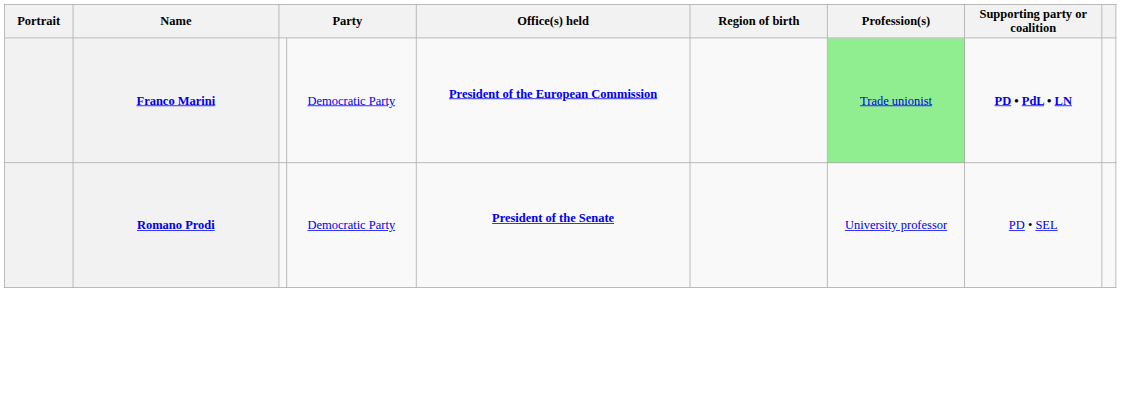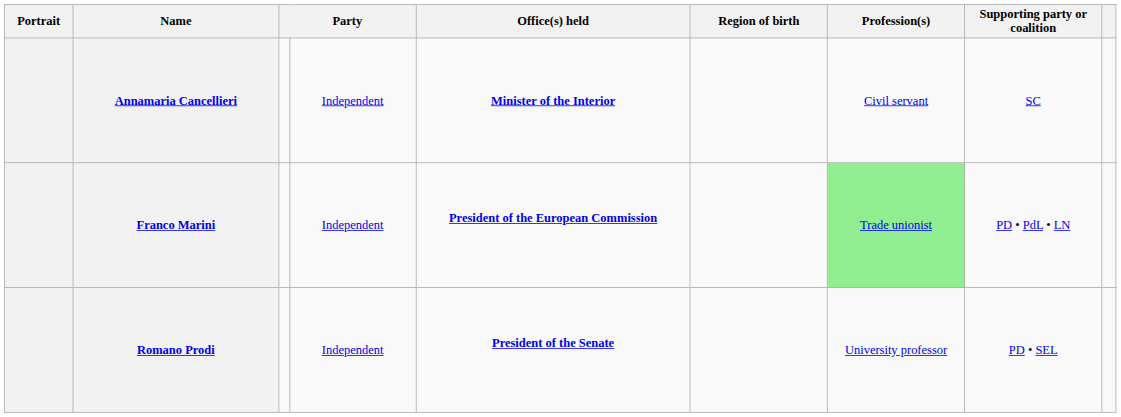 <table class="wikitable" style="text-align:center; style=" width="90%">
 <tr>
 <th width="5%">Portrait</th>
 <th width="15%">Name</th>
 <th colspan="2" width=10%>Party</th>
 <th width="20%">Office(s) held</th>
 <th width="10%">Region of birth</th>
 <th width="10%">Profession(s)</th>
 <th width="10%">Supporting party or coalition</th>
 <th width="1%"></th>
 </tr>
 <tr style="height:10em;">
 <th></th>
+<th style="font-weight:normal"><strong><a href='#'>Annamaria Cancellieri</a></strong><br></th>
+<td style="background-color:"></td>
+<td><a href='#'>Independent</a></td>
+<td><strong><a href='#'>Minister of the Interior</a></strong><br></td>
+<td></td>
+<td><a href='#'>Civil servant</a></td>
+<td><a href='#'>SC</a></td>
+<td></td>
+</tr>
+<tr style="height:10em;">
+<th></th>
 <th style="font-weight:normal"><strong><a href='#'>Franco Marini</a></strong><br></th>
 <td style="background-color:"></td>
-<td><a href='#'>Democratic Party</a></td>
+<td><a href='#'>Independent</a></td>
 <td><strong><a href='#'>President of the European Commission</a></strong><br><br></td>
 <td></td>
 <td style="background: lightgreen;"><a href='#'>Trade unionist</a></td>
-<td><strong><a href='#'>PD</a> • <a href='#'>PdL</a> • <a href='#'>LN</a></strong></td>
+<td><a href='#'>PD</a> • <a href='#'>PdL</a> • <a href='#'>LN</a></td>
 <td></td>
 </tr>
 <tr style="height:10em;">
 <th></th>
 <th style="font-weight:normal"><strong><a href='#'>Romano Prodi</a></strong><br></th>
 <td style="background-color:"></td>
-<td><a href='#'>Democratic Party</a></td>
+<td><a href='#'>Independent</a></td>
 <td><strong><a href='#'>President of the Senate</a></strong><br><br></td>
 <td></td>
 <td><a href='#'>University professor</a></td>
 <td><a href='#'>PD</a> • <a href='#'>SEL</a></td>
 <td></td>
 </tr>
 </table>
